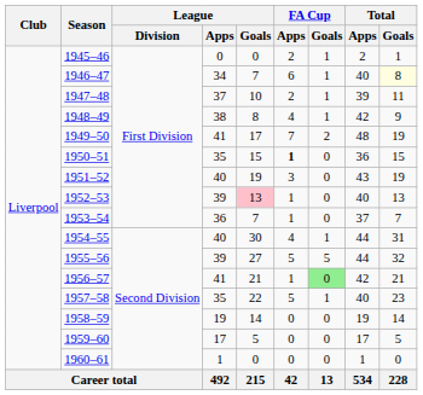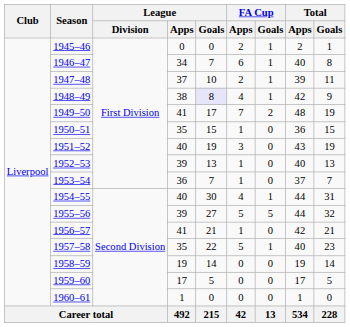 <table class="wikitable" style="text-align:center">
 <tr>
 <th rowspan="2">Club</th>
 <th rowspan="2">Season</th>
 <th colspan="3">League</th>
 <th colspan="2"><a href='#'>FA Cup</a></th>
 <th colspan="2">Total</th>
 </tr>
 <tr>
 <th>Division</th>
 <th>Apps</th>
 <th>Goals</th>
 <th>Apps</th>
 <th>Goals</th>
 <th>Apps</th>
 <th>Goals</th>
 </tr>
 <tr>
 <td rowspan="16"><a href='#'>Liverpool</a></td>
 <td><a href='#'>1945–46</a></td>
 <td rowspan="9"><a href='#'>First Division</a></td>
 <td>0</td>
 <td>0</td>
 <td>2</td>
 <td>1</td>
 <td>2</td>
 <td>1</td>
 </tr>
 <tr>
 <td><a href='#'>1946–47</a></td>
 <td>34</td>
 <td>7</td>
 <td>6</td>
 <td>1</td>
 <td>40</td>
-<td style="background: lightyellow;">8</td>
+<td>8</td>
 </tr>
 <tr>
 <td><a href='#'>1947–48</a></td>
 <td>37</td>
 <td>10</td>
 <td>2</td>
 <td>1</td>
 <td>39</td>
 <td>11</td>
 </tr>
 <tr>
 <td><a href='#'>1948–49</a></td>
 <td>38</td>
-<td>8</td>
+<td style="background: lavender;">8</td>
 <td>4</td>
 <td>1</td>
 <td>42</td>
 <td>9</td>
 </tr>
 <tr>
 <td><a href='#'>1949–50</a></td>
 <td>41</td>
 <td>17</td>
 <td>7</td>
 <td>2</td>
 <td>48</td>
 <td>19</td>
 </tr>
 <tr>
 <td><a href='#'>1950–51</a></td>
 <td>35</td>
 <td>15</td>
-<td><strong>1</strong></td>
+<td>1</td>
 <td>0</td>
 <td>36</td>
 <td>15</td>
 </tr>
 <tr>
 <td><a href='#'>1951–52</a></td>
 <td>40</td>
 <td>19</td>
 <td>3</td>
 <td>0</td>
 <td>43</td>
 <td>19</td>
 </tr>
 <tr>
 <td><a href='#'>1952–53</a></td>
 <td>39</td>
-<td style="background: pink;">13</td>
+<td>13</td>
 <td>1</td>
 <td>0</td>
 <td>40</td>
 <td>13</td>
 </tr>
 <tr>
 <td><a href='#'>1953–54</a></td>
 <td>36</td>
 <td>7</td>
 <td>1</td>
 <td>0</td>
 <td>37</td>
 <td>7</td>
 </tr>
 <tr>
 <td><a href='#'>1954–55</a></td>
 <td rowspan="7"><a href='#'>Second Division</a></td>
 <td>40</td>
 <td>30</td>
 <td>4</td>
 <td>1</td>
 <td>44</td>
 <td>31</td>
 </tr>
 <tr>
 <td><a href='#'>1955–56</a></td>
 <td>39</td>
 <td>27</td>
 <td>5</td>
 <td>5</td>
 <td>44</td>
 <td>32</td>
 </tr>
 <tr>
 <td><a href='#'>1956–57</a></td>
 <td>41</td>
 <td>21</td>
 <td>1</td>
-<td style="background: lightgreen;">0</td>
+<td>0</td>
 <td>42</td>
 <td>21</td>
 </tr>
 <tr>
 <td><a href='#'>1957–58</a></td>
 <td>35</td>
 <td>22</td>
 <td>5</td>
 <td>1</td>
 <td>40</td>
 <td>23</td>
 </tr>
 <tr>
 <td><a href='#'>1958–59</a></td>
 <td>19</td>
 <td>14</td>
 <td>0</td>
 <td>0</td>
 <td>19</td>
 <td>14</td>
 </tr>
 <tr>
 <td><a href='#'>1959–60</a></td>
 <td>17</td>
 <td>5</td>
 <td>0</td>
 <td>0</td>
 <td>17</td>
 <td>5</td>
 </tr>
 <tr>
 <td><a href='#'>1960–61</a></td>
 <td>1</td>
 <td>0</td>
 <td>0</td>
 <td>0</td>
 <td>1</td>
 <td>0</td>
 </tr>
 <tr>
 <th colspan="3">Career total</th>
 <th>492</th>
 <th>215</th>
 <th>42</th>
 <th>13</th>
 <th>534</th>
 <th>228</th>
 </tr>
 </table>
